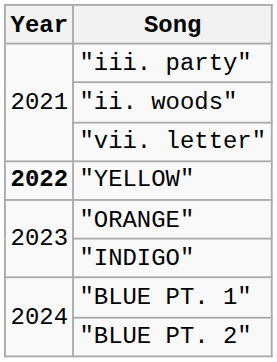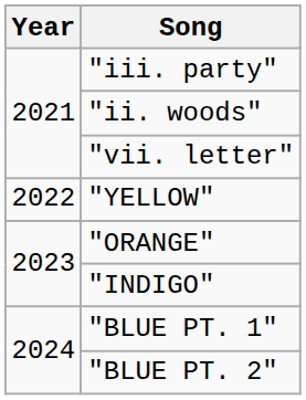 <table class="wikitable">
 <tr>
 <th>Year</th>
 <th>Song</th>
 </tr>
 <tr>
 <td rowspan="3">2021</td>
 <td>"iii. party"</td>
 </tr>
 <tr>
 <td>"ii. woods"</td>
 </tr>
 <tr>
 <td>"vii. letter"</td>
 </tr>
 <tr>
-<td rowspan="1"><strong>2022</strong></td>
+<td rowspan="1">2022</td>
 <td>"YELLOW"</td>
 </tr>
 <tr>
 <td rowspan="2">2023</td>
 <td>"ORANGE"</td>
 </tr>
 <tr>
 <td>"INDIGO"</td>
 </tr>
 <tr>
 <td rowspan="2">2024</td>
 <td>"BLUE PT. 1"</td>
 </tr>
 <tr>
 <td>"BLUE PT. 2"</td>
 </tr>
 </table>
